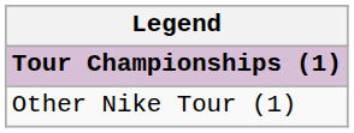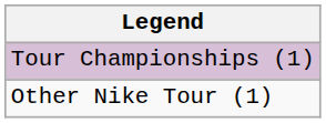 <table class="wikitable" style="font-size:95%;">
 <tr>
 <th>Legend</th>
 </tr>
 <tr style="background:thistle;">
-<td><strong>Tour Championships (1)</strong></td>
+<td>Tour Championships (1)</td>
 </tr>
 <tr>
 <td>Other Nike Tour (1)</td>
 </tr>
 </table>
